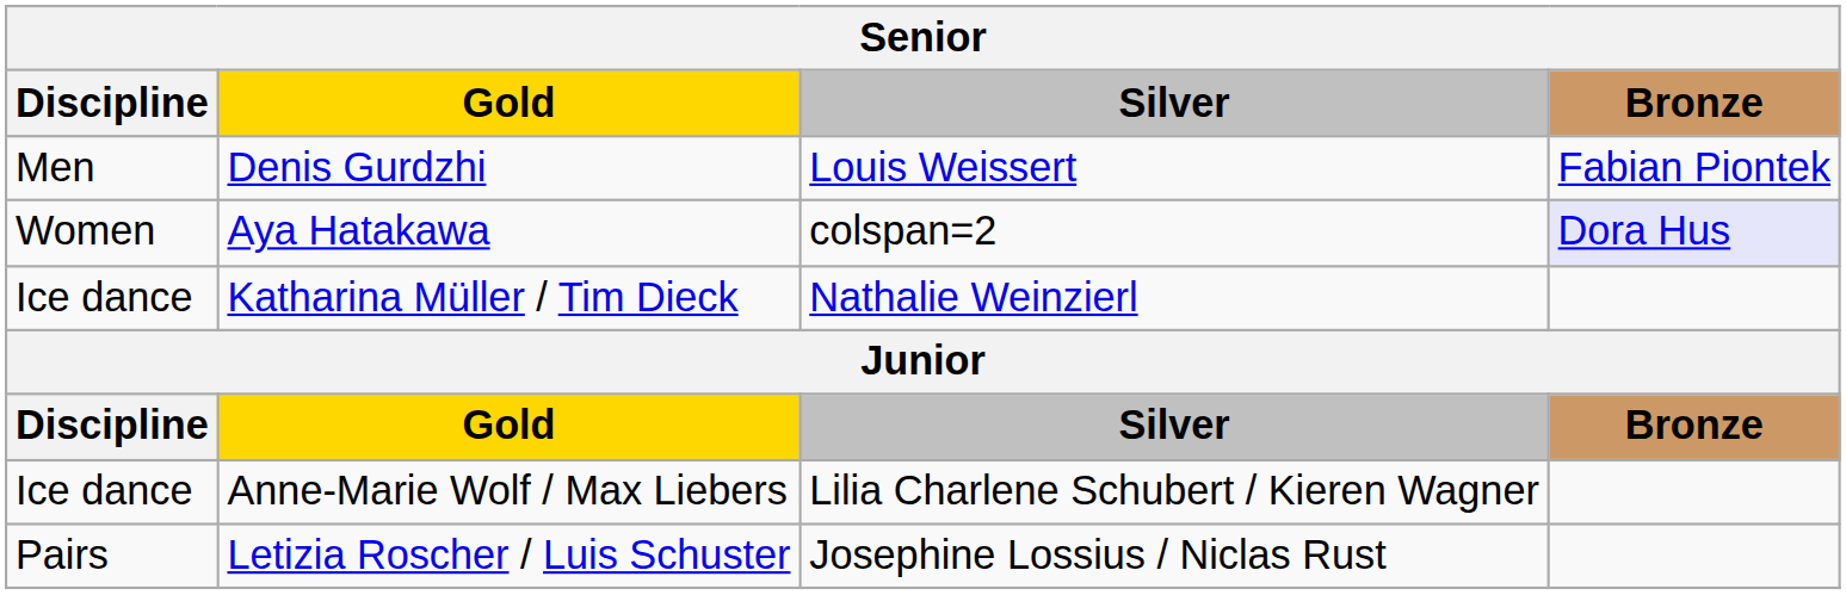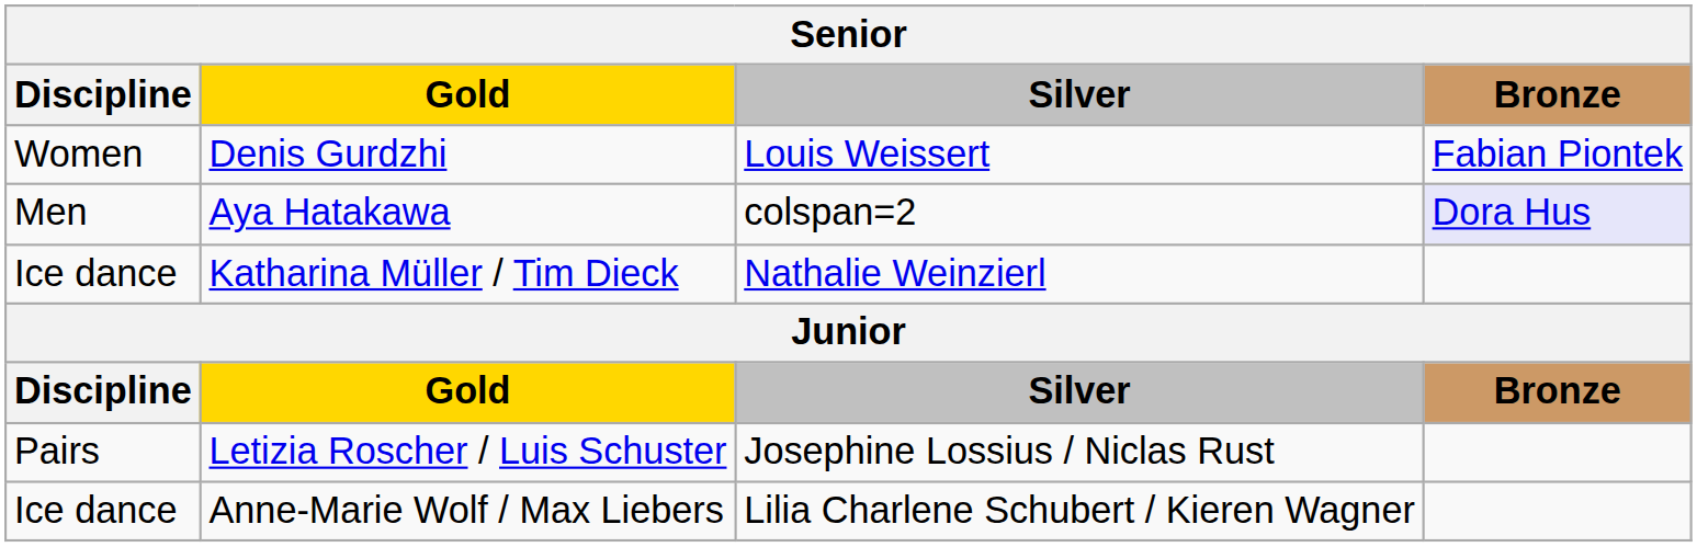 <table class="wikitable">
 <tr>
 <th colspan="4">Senior</th>
 </tr>
 <tr>
 <th>Discipline</th>
 <td align="center" bgcolor="gold"><strong>Gold</strong></td>
 <td align="center" bgcolor="silver"><strong>Silver</strong></td>
 <td align="center" bgcolor="cc9966"><strong>Bronze</strong></td>
 </tr>
 <tr>
-<td>Men</td>
+<td>Women</td>
 <td><a href='#'>Denis Gurdzhi</a></td>
 <td><a href='#'>Louis Weissert</a></td>
 <td><a href='#'>Fabian Piontek</a></td>
 </tr>
 <tr>
-<td>Women</td>
+<td>Men</td>
 <td><a href='#'>Aya Hatakawa</a></td>
 <td>colspan=2 </td>
 <td style="background: lavender;"><a href='#'>Dora Hus</a></td>
 </tr>
 <tr>
 <td>Ice dance</td>
 <td><a href='#'>Katharina Müller</a> / <a href='#'>Tim Dieck</a></td>
 <td><a href='#'>Nathalie Weinzierl</a></td>
 </tr>
 <tr>
 <th colspan="4">Junior</th>
 </tr>
 <tr>
 <th>Discipline</th>
 <td align="center" bgcolor="gold"><strong>Gold</strong></td>
 <td align="center" bgcolor="silver"><strong>Silver</strong></td>
 <td align="center" bgcolor="cc9966"><strong>Bronze</strong></td>
 </tr>
 <tr>
+<td>Pairs</td>
+<td><a href='#'>Letizia Roscher</a> / <a href='#'>Luis Schuster</a></td>
+<td>Josephine Lossius / Niclas Rust</td>
+<td></td>
+</tr>
+<tr>
 <td>Ice dance</td>
 <td>Anne-Marie Wolf / Max Liebers</td>
 <td>Lilia Charlene Schubert / Kieren Wagner</td>
 <td></td>
 </tr>
-<tr>
-<td>Pairs</td>
-<td><a href='#'>Letizia Roscher</a> / <a href='#'>Luis Schuster</a></td>
-<td>Josephine Lossius / Niclas Rust</td>
-<td></td>
-</tr>
 </table>
